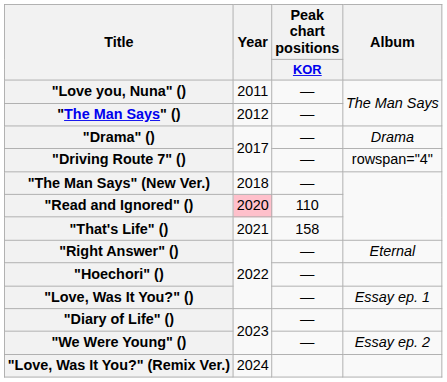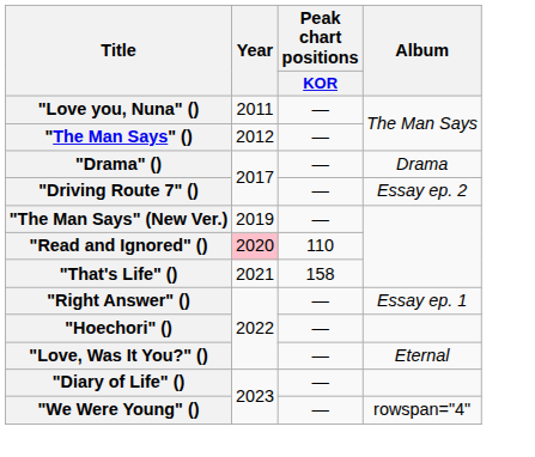 <table class="wikitable plainrowheaders" style="text-align:center">
 <tr>
 <th scope="col" rowspan="2">Title</th>
 <th scope="col" rowspan="2">Year</th>
 <th scope="col">Peak chart positions</th>
 <th scope="col" rowspan="2">Album</th>
 </tr>
 <tr>
 <th scope="col" style="width:2.5em;font-size:90%;"><a href='#'>KOR</a><br></th>
 </tr>
 <tr>
 <th scope="row">"Love you, Nuna" ()</th>
 <td>2011</td>
 <td>—</td>
 <td rowspan="2"><em>The Man Says</em></td>
 </tr>
 <tr>
 <th scope="row">"<a href='#'>The Man Says</a>" ()</th>
 <td>2012</td>
 <td>—</td>
 </tr>
 <tr>
 <th scope="row">"Drama" ()</th>
 <td rowspan="2">2017</td>
 <td>—</td>
 <td><em>Drama</em></td>
 </tr>
 <tr>
 <th scope="row">"Driving Route 7" ()</th>
 <td>—</td>
-<td>rowspan="4" </td>
+<td><em>Essay ep. 2</em></td>
 </tr>
 <tr>
 <th scope="row">"The Man Says" (New Ver.)</th>
-<td>2018</td>
+<td>2019</td>
 <td>—</td>
 </tr>
 <tr>
 <th scope="row">"Read and Ignored" ()</th>
 <td style="background: pink;">2020</td>
 <td>110</td>
 </tr>
 <tr>
 <th scope="row">"That's Life" ()</th>
 <td>2021</td>
 <td>158</td>
 </tr>
 <tr>
 <th scope="row">"Right Answer" ()</th>
 <td rowspan="3">2022</td>
 <td>—</td>
-<td><em>Eternal</em></td>
+<td><em>Essay ep. 1</em></td>
 </tr>
 <tr>
 <th scope="row">"Hoechori" ()</th>
 <td>—</td>
 <td></td>
 </tr>
 <tr>
 <th scope="row">"Love, Was It You?" ()</th>
 <td>—</td>
-<td><em>Essay ep. 1</em></td>
+<td><em>Eternal</em></td>
 </tr>
 <tr>
 <th scope="row">"Diary of Life" ()</th>
 <td rowspan="2">2023</td>
 <td>—</td>
 <td></td>
 </tr>
 <tr>
 <th scope="row">"We Were Young" ()</th>
 <td>—</td>
-<td><em>Essay ep. 2</em></td>
-</tr>
-<tr>
-<th scope="row">"Love, Was It You?" (Remix Ver.)</th>
-<td>2024</td>
-<td></td>
-<td></td>
+<td>rowspan="4" </td>
 </tr>
 </table>
